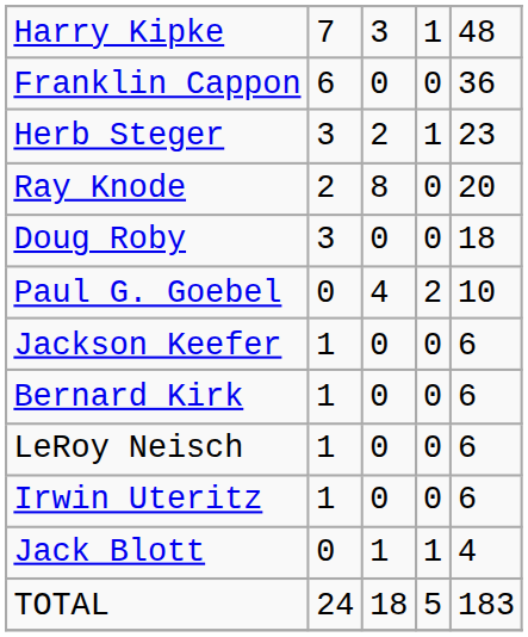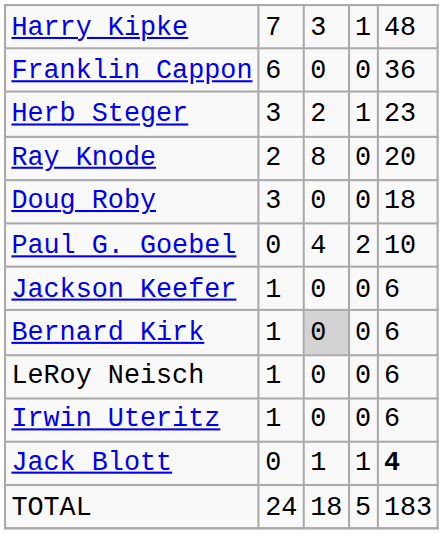 <table class="wikitable">
 <tr>
 </tr>
 <tr>
 <td><a href='#'>Harry Kipke</a></td>
 <td>7</td>
 <td>3</td>
 <td>1</td>
 <td>48</td>
 </tr>
 <tr>
 <td><a href='#'>Franklin Cappon</a></td>
 <td>6</td>
 <td>0</td>
 <td>0</td>
 <td>36</td>
 </tr>
 <tr>
 <td><a href='#'>Herb Steger</a></td>
 <td>3</td>
 <td>2</td>
 <td>1</td>
 <td>23</td>
 </tr>
 <tr>
 <td><a href='#'>Ray Knode</a></td>
 <td>2</td>
 <td>8</td>
 <td>0</td>
 <td>20</td>
 </tr>
 <tr>
 <td><a href='#'>Doug Roby</a></td>
 <td>3</td>
 <td>0</td>
 <td>0</td>
 <td>18</td>
 </tr>
 <tr>
 <td><a href='#'>Paul G. Goebel</a></td>
 <td>0</td>
 <td>4</td>
 <td>2</td>
 <td>10</td>
 </tr>
 <tr>
 <td><a href='#'>Jackson Keefer</a></td>
 <td>1</td>
 <td>0</td>
 <td>0</td>
 <td>6</td>
 </tr>
 <tr>
 <td><a href='#'>Bernard Kirk</a></td>
 <td>1</td>
-<td>0</td>
+<td style="background: lightgrey;">0</td>
 <td>0</td>
 <td>6</td>
 </tr>
 <tr>
 <td>LeRoy Neisch</td>
 <td>1</td>
 <td>0</td>
 <td>0</td>
 <td>6</td>
 </tr>
 <tr>
 <td><a href='#'>Irwin Uteritz</a></td>
 <td>1</td>
 <td>0</td>
 <td>0</td>
 <td>6</td>
 </tr>
 <tr>
 <td><a href='#'>Jack Blott</a></td>
 <td>0</td>
 <td>1</td>
 <td>1</td>
-<td>4</td>
+<td><strong>4</strong></td>
 </tr>
 <tr>
 <td>TOTAL</td>
 <td>24</td>
 <td>18</td>
 <td>5</td>
 <td>183</td>
 </tr>
 <tr>
 </tr>
 </table>
